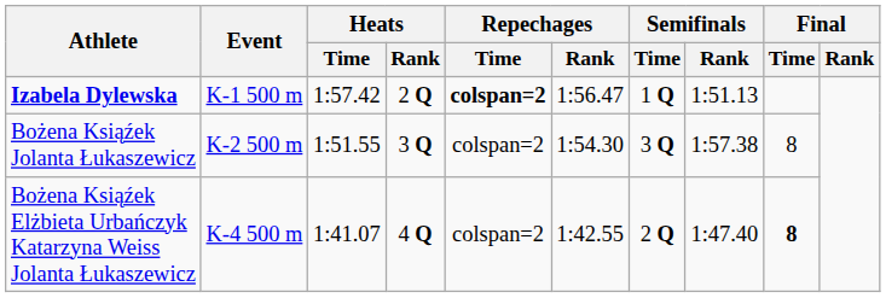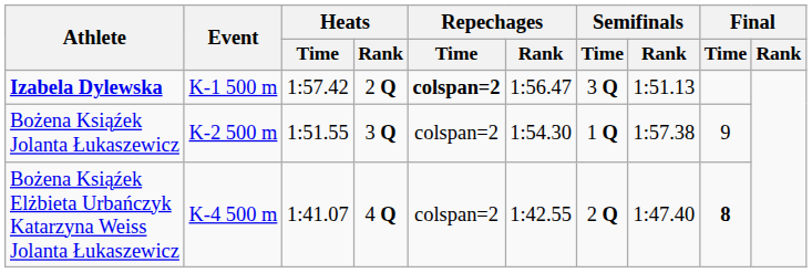 <table class="wikitable" style="font-size:90%">
 <tr>
 <th rowspan=2>Athlete</th>
 <th rowspan=2>Event</th>
 <th colspan=2>Heats</th>
 <th colspan=2>Repechages</th>
 <th colspan=2>Semifinals</th>
 <th colspan=2>Final</th>
 </tr>
 <tr style="font-size:95%">
 <th>Time</th>
 <th>Rank</th>
 <th>Time</th>
 <th>Rank</th>
 <th>Time</th>
 <th>Rank</th>
 <th>Time</th>
 <th>Rank</th>
 </tr>
 <tr align=center>
 <td align=left><strong><a href='#'>Izabela Dylewska</a></strong></td>
 <td align=left><a href='#'>K-1 500 m</a></td>
 <td>1:57.42</td>
 <td>2 <strong>Q</strong></td>
 <td><strong>colspan=2 </strong></td>
 <td>1:56.47</td>
-<td>1 <strong>Q</strong></td>
+<td>3 <strong>Q</strong></td>
 <td>1:51.13</td>
 <td></td>
 </tr>
 <tr align=center>
 <td align=left><a href='#'>Bożena Ksiąźek</a><br><a href='#'>Jolanta Łukaszewicz</a></td>
 <td align=left><a href='#'>K-2 500 m</a></td>
 <td>1:51.55</td>
 <td>3 <strong>Q</strong></td>
 <td>colspan=2 </td>
 <td>1:54.30</td>
-<td>3 <strong>Q</strong></td>
+<td>1 <strong>Q</strong></td>
 <td>1:57.38</td>
-<td>8</td>
+<td>9</td>
 </tr>
 <tr align=center>
 <td align=left><a href='#'>Bożena Ksiąźek</a><br><a href='#'>Elżbieta Urbańczyk</a><br><a href='#'>Katarzyna Weiss</a><br><a href='#'>Jolanta Łukaszewicz</a></td>
 <td align=left><a href='#'>K-4 500 m</a></td>
 <td>1:41.07</td>
 <td>4 <strong>Q</strong></td>
 <td>colspan=2 </td>
 <td>1:42.55</td>
 <td>2 <strong>Q</strong></td>
 <td>1:47.40</td>
 <td><strong>8</strong></td>
 </tr>
 </table>
